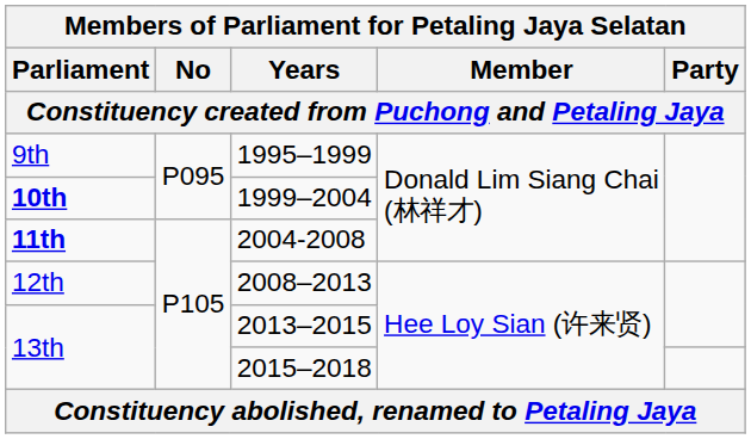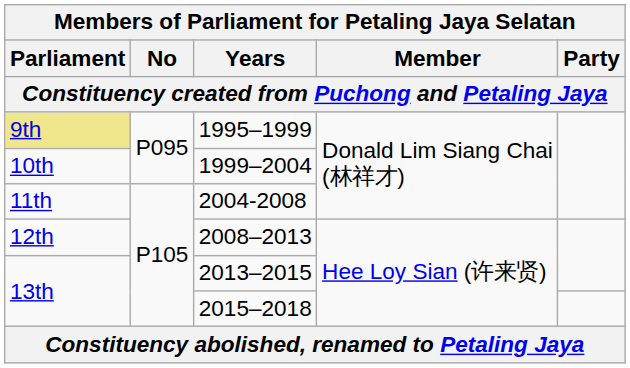 <table class=wikitable>
 <tr>
 <th colspan="5">Members of Parliament for Petaling Jaya Selatan</th>
 </tr>
 <tr>
 <th>Parliament</th>
 <th>No</th>
 <th>Years</th>
 <th>Member</th>
 <th>Party</th>
 </tr>
 <tr>
 <th colspan="5" align="center"><em>Constituency created from <a href='#'>Puchong</a> and <a href='#'>Petaling Jaya</a></em></th>
 </tr>
 <tr>
-<td><a href='#'>9th</a></td>
+<td style="background: khaki;"><a href='#'>9th</a></td>
 <td rowspan="2">P095</td>
 <td>1995–1999</td>
 <td rowspan=3>Donald Lim Siang Chai <br> (林祥才)</td>
 <td rowspan="3"></td>
 </tr>
 <tr>
-<td><strong><a href='#'>10th</a></strong></td>
+<td><a href='#'>10th</a></td>
 <td>1999–2004</td>
 </tr>
 <tr>
-<td><strong><a href='#'>11th</a></strong></td>
+<td><a href='#'>11th</a></td>
 <td rowspan=4>P105</td>
 <td>2004-2008</td>
 </tr>
 <tr>
 <td><a href='#'>12th</a></td>
 <td>2008–2013</td>
 <td rowspan=3><a href='#'>Hee Loy Sian</a> (许来贤)</td>
 <td rowspan="2"></td>
 </tr>
 <tr>
 <td rowspan=2><a href='#'>13th</a></td>
 <td>2013–2015</td>
 </tr>
 <tr>
 <td>2015–2018</td>
 <td></td>
 </tr>
 <tr>
 <th colspan="5" align="center"><em>Constituency abolished, renamed to <a href='#'>Petaling Jaya</a></em></th>
 </tr>
 </table>
